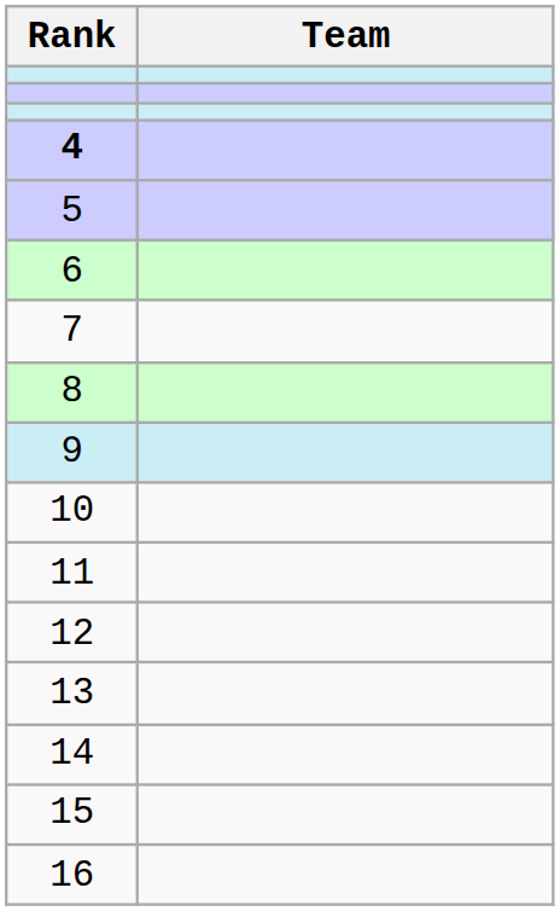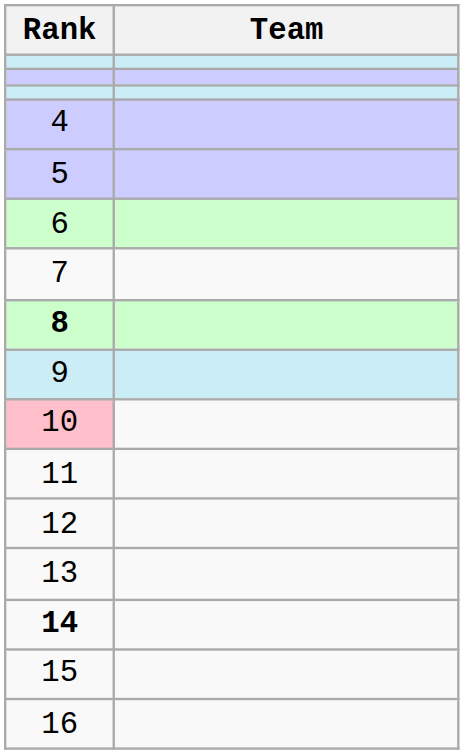 <table class="wikitable">
 <tr>
 <th width=40>Rank</th>
 <th width=140>Team</th>
 </tr>
 <tr bgcolor=#cbedf6>
 <td align=center></td>
 <td></td>
 </tr>
 <tr bgcolor=#ccccff>
 <td align=center></td>
 <td></td>
 </tr>
 <tr bgcolor=#cbedf6>
 <td align=center></td>
 <td></td>
 </tr>
 <tr bgcolor=#ccccff>
-<td align=center><strong>4</strong></td>
+<td align=center>4</td>
 <td></td>
 </tr>
 <tr bgcolor=#ccccff>
 <td align=center>5</td>
 <td></td>
 </tr>
 <tr bgcolor=#ccffcc>
 <td align=center>6</td>
 <td></td>
 </tr>
 <tr>
 <td align=center>7</td>
 <td></td>
 </tr>
 <tr bgcolor=#ccffcc>
-<td align=center>8</td>
+<td align=center><strong>8</strong></td>
 <td></td>
 </tr>
 <tr bgcolor=#cbedf6>
 <td align=center>9</td>
 <td></td>
 </tr>
 <tr>
-<td align=center>10</td>
+<td align=center style="background: pink;">10</td>
 <td></td>
 </tr>
 <tr>
 <td align=center>11</td>
 <td></td>
 </tr>
 <tr>
 <td align=center>12</td>
 <td></td>
 </tr>
 <tr>
 <td align=center>13</td>
 <td></td>
 </tr>
 <tr>
-<td align=center>14</td>
+<td align=center><strong>14</strong></td>
 <td></td>
 </tr>
 <tr>
 <td align=center>15</td>
 <td></td>
 </tr>
 <tr>
 <td align=center>16</td>
 <td></td>
 </tr>
 </table>
